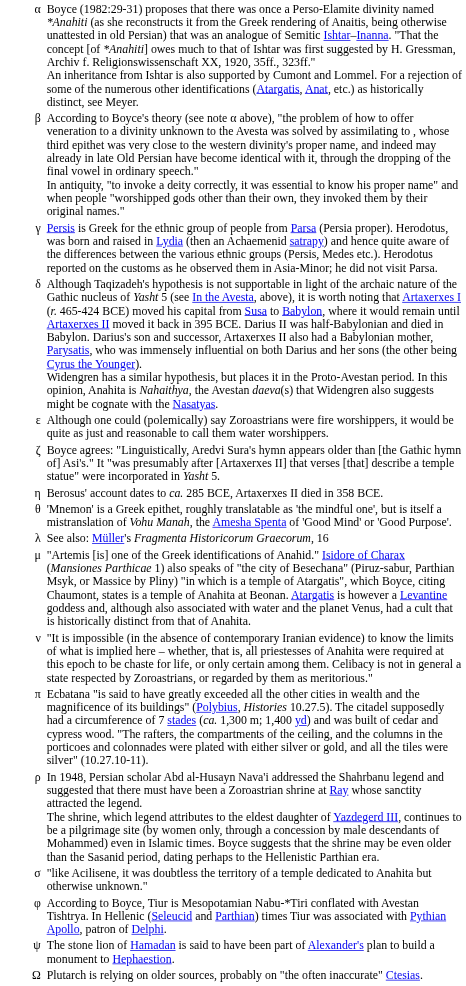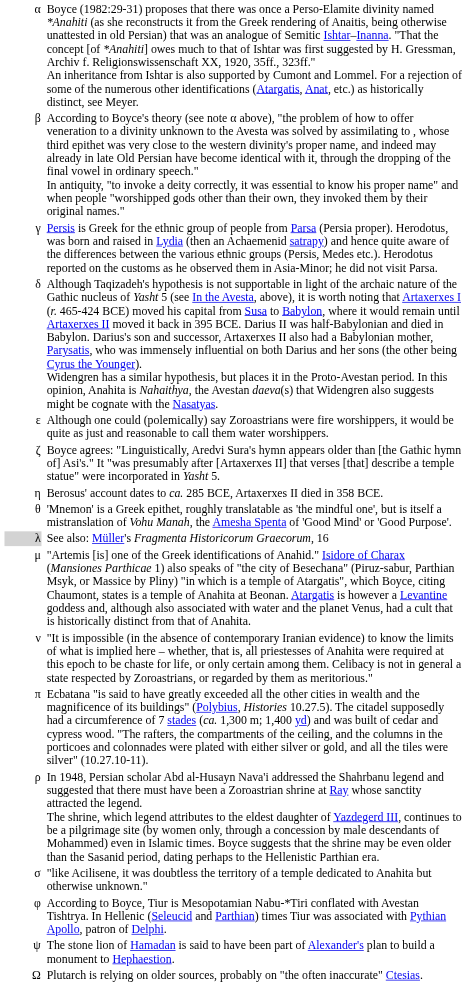 <table>
 <tr>
 <td style="vertical-align:top; width:3em; text-align:right;">α</td>
 <td valign="top"></td>
 <td>Boyce (1982:29-31) proposes that there was once a Perso-Elamite divinity named <em>*Anahiti</em> (as she reconstructs it from the Greek rendering of Anaitis, being otherwise unattested in old Persian) that was an analogue of Semitic <a href='#'>Ishtar</a>–<a href='#'>Inanna</a>. "That the concept [of <em>*Anahiti</em>] owes much to that of Ishtar was first suggested by H. Gressman, Archiv f. Religionswissenschaft XX, 1920, 35ff., 323ff."<br>An inheritance from Ishtar is also supported by Cumont and Lommel. For a rejection of some of the numerous other identifications (<a href='#'>Atargatis</a>, <a href='#'>Anat</a>, etc.) as historically distinct, see Meyer.</td>
 </tr>
 <tr>
 <td style="vertical-align:top; width:3em; text-align:right;">β</td>
 <td valign="top"></td>
 <td>According to Boyce's theory (see note α above), "the problem of how to offer veneration to a divinity unknown to the Avesta was solved by assimilating  to , whose third epithet was very close to the western divinity's proper name, and indeed may already in late Old Persian have become identical with it, through the dropping of the final vowel in ordinary speech."<br>In antiquity, "to invoke a deity correctly, it was essential to know his proper name" and when people "worshipped gods other than their own, they invoked them by their original names."</td>
 </tr>
 <tr>
 <td style="vertical-align:top; width:3em; text-align:right;">γ</td>
 <td valign="top"></td>
 <td><a href='#'>Persis</a> is Greek for the ethnic group of people from <a href='#'>Parsa</a> (Persia proper). Herodotus, was born and raised in <a href='#'>Lydia</a> (then an Achaemenid <a href='#'>satrapy</a>) and hence quite aware of the differences between the various ethnic groups (Persis, Medes etc.). Herodotus reported on the customs as he observed them in Asia-Minor; he did not visit Parsa.</td>
 </tr>
 <tr>
 <td style="vertical-align:top; width:3em; text-align:right;">δ</td>
 <td valign="top"></td>
 <td>Although Taqizadeh's hypothesis is not supportable in light of the archaic nature of the Gathic nucleus of <em>Yasht</em> 5 (see <a href='#'>In the Avesta</a>, above), it is worth noting that <a href='#'>Artaxerxes I</a> (<em>r.</em> 465-424 BCE) moved his capital from <a href='#'>Susa</a> to <a href='#'>Babylon</a>, where it would remain until <a href='#'>Artaxerxes II</a> moved it back in 395 BCE. Darius II was half-Babylonian and died in Babylon. Darius's son and successor, Artaxerxes II also had a Babylonian mother, <a href='#'>Parysatis</a>, who was immensely influential on both Darius and her sons (the other being <a href='#'>Cyrus the Younger</a>).<br>Widengren has a similar hypothesis, but places it in the Proto-Avestan period. In this opinion, Anahita is <em>Nahaithya</em>, the Avestan <em>daeva</em>(s) that Widengren also suggests might be cognate with the <a href='#'>Nasatyas</a>.</td>
 </tr>
 <tr>
 <td style="vertical-align:top; width:3em; text-align:right;">ε</td>
 <td valign="top"></td>
 <td>Although one could (polemically) say Zoroastrians were fire worshippers, it would be quite as just and reasonable to call them water worshippers.</td>
 </tr>
 <tr>
 <td style="vertical-align:top; width:3em; text-align:right;">ζ</td>
 <td valign="top"></td>
 <td>Boyce agrees: "Linguistically, Aredvi Sura's hymn appears older than [the Gathic hymn of] Asi's." It "was presumably after [Artaxerxes II] that verses [that] describe a temple statue" were incorporated in <em>Yasht</em> 5.</td>
 </tr>
 <tr>
 <td style="vertical-align:top; width:3em; text-align:right;">η</td>
 <td valign="top"></td>
 <td>Berosus' account dates to <em>ca.</em> 285 BCE, Artaxerxes II died in 358 BCE.</td>
 </tr>
 <tr>
 <td style="vertical-align:top; width:3em; text-align:right;">θ</td>
 <td valign="top"></td>
 <td>'Mnemon' is a Greek epithet, roughly translatable as 'the mindful one', but is itself a mistranslation of <em>Vohu Manah</em>, the <a href='#'>Amesha Spenta</a> of 'Good Mind' or 'Good Purpose'.</td>
 </tr>
 <tr>
-<td style="vertical-align:top; width:3em; text-align:right;">λ</td>
+<td style="background: lightgrey; vertical-align:top; width:3em; text-align:right;">λ</td>
 <td valign="top"></td>
 <td>See also: <a href='#'>Müller</a>'s <em>Fragmenta Historicorum Graecorum</em>, 16</td>
 </tr>
 <tr>
 <td style="vertical-align:top; width:3em; text-align:right;">μ</td>
 <td valign="top"></td>
 <td>"Artemis [is] one of the Greek identifications of Anahid." <a href='#'>Isidore of Charax</a> (<em>Mansiones Parthicae</em> 1) also speaks of "the city of Besechana" (Piruz-sabur, Parthian Msyk, or Massice by Pliny) "in which is a temple of Atargatis", which Boyce, citing Chaumont, states is a temple of Anahita at Beonan. <a href='#'>Atargatis</a> is however a <a href='#'>Levantine</a> goddess and, although also associated with water and the planet Venus, had a cult that is historically distinct from that of Anahita.</td>
 </tr>
 <tr>
 <td style="vertical-align:top; width:3em; text-align:right;">ν</td>
 <td valign="top"></td>
 <td>"It is impossible (in the absence of contemporary Iranian evidence) to know the limits of what is implied here – whether, that is, all priestesses of Anahita were required at this epoch to be chaste for life, or only certain among them. Celibacy is not in general a state respected by Zoroastrians, or regarded by them as meritorious."</td>
 </tr>
 <tr>
 <td style="vertical-align:top; width:3em; text-align:right;">π</td>
 <td valign="top"></td>
 <td>Ecbatana "is said to have greatly exceeded all the other cities in wealth and the magnificence of its buildings" (<a href='#'>Polybius</a>, <em>Histories</em> 10.27.5). The citadel supposedly had a circumference of 7 <a href='#'>stades</a> (<em>ca.</em> 1,300 m; 1,400 <a href='#'>yd</a>) and was built of cedar and cypress wood. "The rafters, the compartments of the ceiling, and the columns in the porticoes and colonnades were plated with either silver or gold, and all the tiles were silver" (10.27.10-11).</td>
 </tr>
 <tr>
 <td style="vertical-align:top; width:3em; text-align:right;">ρ</td>
 <td valign="top"></td>
 <td>In 1948, Persian scholar Abd al-Husayn Nava'i addressed the Shahrbanu legend and suggested that there must have been a Zoroastrian shrine at <a href='#'>Ray</a> whose sanctity attracted the legend.<br>The shrine, which legend attributes to the eldest daughter of <a href='#'>Yazdegerd III</a>, continues to be a pilgrimage site (by women only, through a concession by male descendants of Mohammed) even in Islamic times. Boyce suggests that the shrine may be even older than the Sasanid period, dating perhaps to the Hellenistic Parthian era.</td>
 </tr>
 <tr>
 <td style="vertical-align:top; width:3em; text-align:right;">σ</td>
 <td valign="top"></td>
 <td>"like Acilisene, it was doubtless the territory of a temple dedicated to Anahita but otherwise unknown."</td>
 </tr>
 <tr>
 <td style="vertical-align:top; width:3em; text-align:right;">φ</td>
 <td valign="top"></td>
 <td>According to Boyce, Tiur is Mesopotamian Nabu-*Tiri conflated with Avestan Tishtrya. In Hellenic (<a href='#'>Seleucid</a> and <a href='#'>Parthian</a>) times Tiur was associated with <a href='#'>Pythian</a> <a href='#'>Apollo</a>, patron of <a href='#'>Delphi</a>.</td>
 </tr>
 <tr>
 <td style="vertical-align:top; width:3em; text-align:right;">ψ</td>
 <td valign="top"></td>
 <td>The stone lion of <a href='#'>Hamadan</a> is said to have been part of <a href='#'>Alexander's</a> plan to build a monument to <a href='#'>Hephaestion</a>.</td>
 </tr>
 <tr>
 <td style="vertical-align:top; width:3em; text-align:right;">Ω</td>
 <td valign="top"></td>
 <td>Plutarch is relying on older sources, probably on "the often inaccurate" <a href='#'>Ctesias</a>.</td>
 </tr>
 </table>
